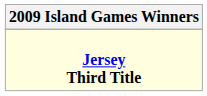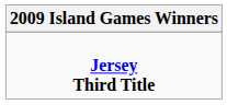 <table class="wikitable" style="text-align: center; margin: 0 auto;">
 <tr>
 <th>2009 Island Games Winners</th>
 </tr>
 <tr>
 </tr>
 <tr>
-<td style="background: lightyellow;"><br><strong><a href='#'>Jersey</a></strong><br><strong>Third Title</strong></td>
+<td><br><strong><a href='#'>Jersey</a></strong><br><strong>Third Title</strong></td>
 </tr>
 </table>
